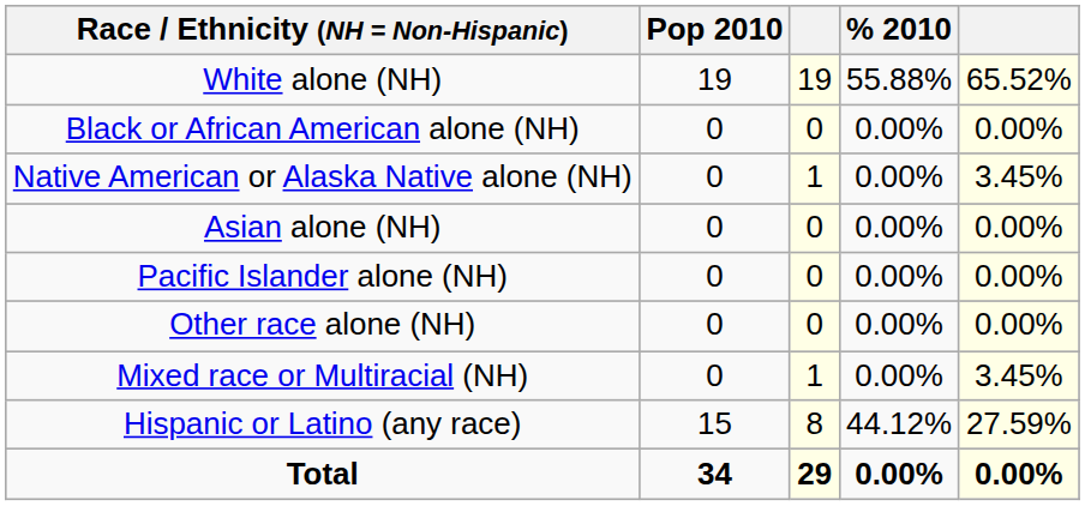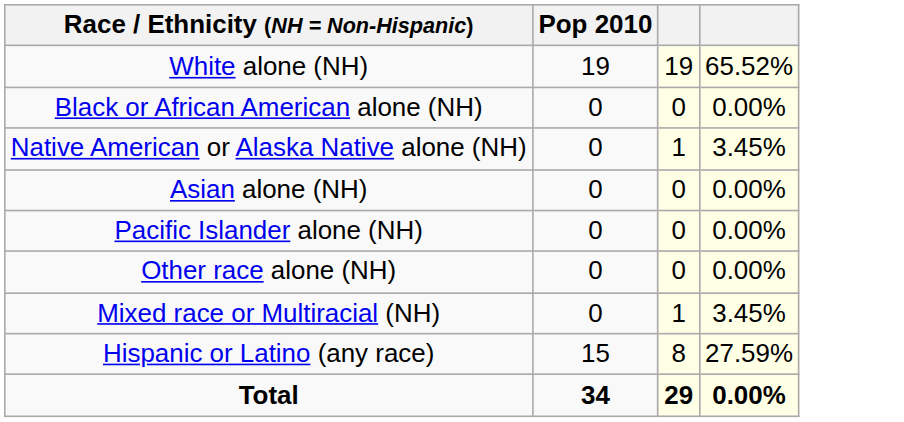 <table class="wikitable" style="text-align:center;">
 <tr>
 <th>Race / Ethnicity <small>(<em>NH = Non-Hispanic</em>)</small></th>
 <th>Pop 2010</th>
 <th></th>
-<th>% 2010</th>
 <th></th>
 </tr>
 <tr>
 <td><a href='#'>White</a> alone (NH)</td>
 <td>19</td>
 <td style='background: #ffffe6;'>19</td>
-<td>55.88%</td>
 <td style='background: #ffffe6;'>65.52%</td>
 </tr>
 <tr>
 <td><a href='#'>Black or African American</a> alone (NH)</td>
 <td>0</td>
 <td style='background: #ffffe6;'>0</td>
-<td>0.00%</td>
 <td style='background: #ffffe6;'>0.00%</td>
 </tr>
 <tr>
 <td><a href='#'>Native American</a> or <a href='#'>Alaska Native</a> alone (NH)</td>
 <td>0</td>
 <td style='background: #ffffe6;'>1</td>
-<td>0.00%</td>
 <td style='background: #ffffe6;'>3.45%</td>
 </tr>
 <tr>
 <td><a href='#'>Asian</a> alone (NH)</td>
 <td>0</td>
 <td style='background: #ffffe6;'>0</td>
-<td>0.00%</td>
 <td style='background: #ffffe6;'>0.00%</td>
 </tr>
 <tr>
 <td><a href='#'>Pacific Islander</a> alone (NH)</td>
 <td>0</td>
 <td style='background: #ffffe6;'>0</td>
-<td>0.00%</td>
 <td style='background: #ffffe6;'>0.00%</td>
 </tr>
 <tr>
 <td><a href='#'>Other race</a> alone (NH)</td>
 <td>0</td>
 <td style='background: #ffffe6;'>0</td>
-<td>0.00%</td>
 <td style='background: #ffffe6;'>0.00%</td>
 </tr>
 <tr>
 <td><a href='#'>Mixed race or Multiracial</a> (NH)</td>
 <td>0</td>
 <td style='background: #ffffe6;'>1</td>
-<td>0.00%</td>
 <td style='background: #ffffe6;'>3.45%</td>
 </tr>
 <tr>
 <td><a href='#'>Hispanic or Latino</a> (any race)</td>
 <td>15</td>
 <td style='background: #ffffe6;'>8</td>
-<td>44.12%</td>
 <td style='background: #ffffe6;'>27.59%</td>
 </tr>
 <tr>
 <td><strong>Total</strong></td>
 <td><strong>34</strong></td>
 <td style='background: #ffffe6;'><strong>29</strong></td>
-<td><strong>0.00%</strong></td>
 <td style='background: #ffffe6;'><strong>0.00%</strong></td>
 </tr>
 </table>
